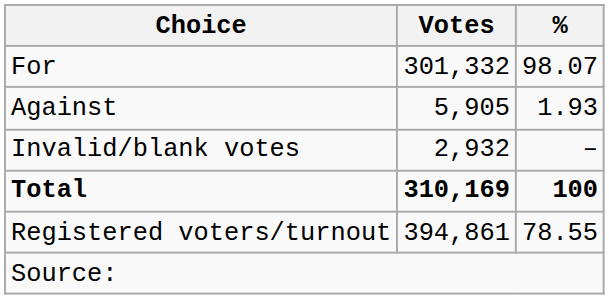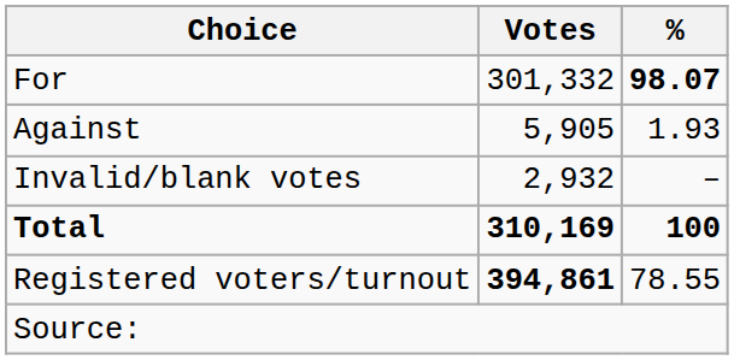 <table class=wikitable style=text-align:right>
 <tr>
 <th>Choice</th>
 <th>Votes</th>
 <th>%</th>
 </tr>
 <tr>
 <td align=left>For</td>
 <td>301,332</td>
-<td>98.07</td>
+<td><strong>98.07</strong></td>
 </tr>
 <tr>
 <td align=left>Against</td>
 <td>5,905</td>
 <td>1.93</td>
 </tr>
 <tr>
 <td align=left>Invalid/blank votes</td>
 <td>2,932</td>
 <td>–</td>
 </tr>
 <tr>
 <td align=left><strong>Total</strong></td>
 <td><strong>310,169</strong></td>
 <td><strong>100</strong></td>
 </tr>
 <tr>
 <td align=left>Registered voters/turnout</td>
-<td>394,861</td>
+<td><strong>394,861</strong></td>
 <td>78.55</td>
 </tr>
 <tr>
 <td style="text-align:left;" colspan="4">Source: </td>
 </tr>
 </table>
